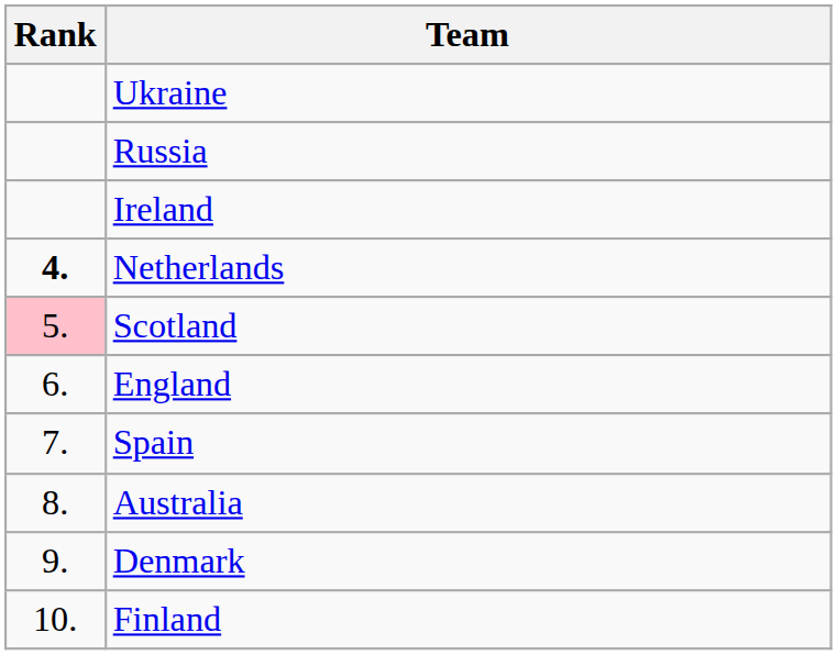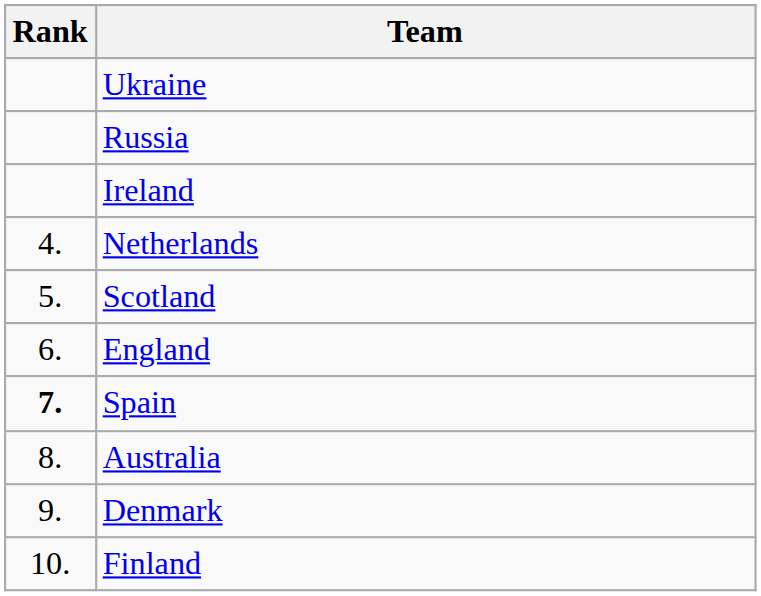 <table class="wikitable" style="font-size:95%">
 <tr>
 <th>Rank</th>
 <th align="left" style="width: 20em">Team</th>
 </tr>
 <tr>
 <td align="center"></td>
 <td> <a href='#'>Ukraine</a></td>
 </tr>
 <tr>
 <td align="center"></td>
 <td> <a href='#'>Russia</a></td>
 </tr>
 <tr>
 <td align="center"></td>
 <td> <a href='#'>Ireland</a></td>
 </tr>
 <tr>
-<td rowspan=1 align="center"><strong>4.</strong></td>
+<td rowspan=1 align="center">4.</td>
 <td> <a href='#'>Netherlands</a></td>
 </tr>
 <tr>
-<td rowspan=1 align="center" style="background: pink;">5.</td>
+<td rowspan=1 align="center">5.</td>
 <td> <a href='#'>Scotland</a></td>
 </tr>
 <tr>
 <td rowspan=1 align="center">6.</td>
 <td> <a href='#'>England</a></td>
 </tr>
 <tr>
-<td rowspan=1 align="center">7.</td>
+<td rowspan=1 align="center"><strong>7.</strong></td>
 <td> <a href='#'>Spain</a></td>
 </tr>
 <tr>
 <td rowspan=1 align="center">8.</td>
 <td> <a href='#'>Australia</a></td>
 </tr>
 <tr>
 <td rowspan=1 align="center">9.</td>
 <td> <a href='#'>Denmark</a></td>
 </tr>
 <tr>
 <td rowspan=1 align="center">10.</td>
 <td> <a href='#'>Finland</a></td>
 </tr>
 </table>
